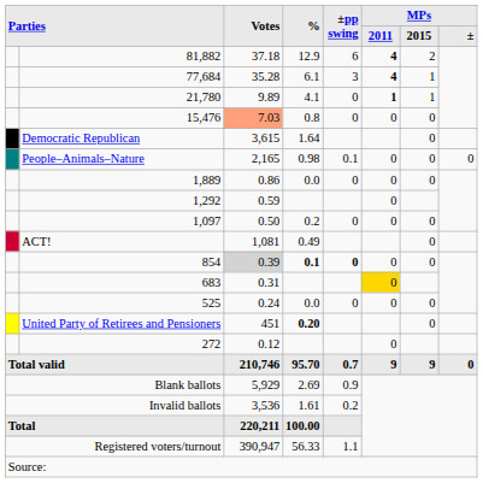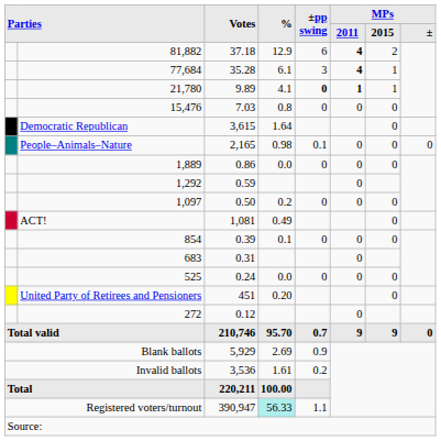 <table class="wikitable" style="text-align:right; font-size:95%;">
 <tr>
 <th rowspan="2" colspan="2" style="background:#e9e9e9; text-align:left;" alignleft><a href='#'>Parties</a></th>
 <th rowspan="2" style="background:#e9e9e9; text-align:right;">Votes</th>
 <th rowspan="2" style="background:#e9e9e9; text-align:right;">%</th>
 <th rowspan="2" style="background:#e9e9e9; text-align:right;">±<a href='#'>pp</a> <a href='#'>swing</a></th>
 <th colspan="3" style="background:#e9e9e9; text-align:center;"><a href='#'>MPs</a></th>
 </tr>
 <tr style="background-color:#E9E9E9">
 <th style="background-color:#E9E9E9;text-align:center;"><a href='#'>2011</a></th>
 <th style="background-color:#E9E9E9;text-align:center;">2015</th>
 <th style="background:#e9e9e9; text-align:right;">±</th>
 </tr>
 <tr>
 <td> </td>
 <td>81,882</td>
 <td>37.18</td>
 <td>12.9</td>
 <td>6</td>
 <td><strong>4</strong></td>
 <td>2</td>
 </tr>
 <tr>
 <td></td>
 <td>77,684</td>
 <td>35.28</td>
 <td>6.1</td>
 <td>3</td>
 <td><strong>4</strong></td>
 <td>1</td>
 </tr>
 <tr>
 <td></td>
 <td>21,780</td>
 <td>9.89</td>
 <td>4.1</td>
-<td>0</td>
+<td><strong>0</strong></td>
 <td><strong>1</strong></td>
 <td>1</td>
 </tr>
 <tr>
 <td></td>
 <td>15,476</td>
-<td style="background: lightsalmon;">7.03</td>
+<td>7.03</td>
 <td>0.8</td>
 <td>0</td>
 <td>0</td>
 <td>0</td>
 </tr>
 <tr>
 <td style="width: 10px" bgcolor=black align="center"></td>
 <td align=left><a href='#'>Democratic Republican</a></td>
 <td>3,615</td>
 <td>1.64</td>
 <td></td>
 <td></td>
 <td>0</td>
 <td></td>
 </tr>
 <tr>
 <td style="width: 10px" bgcolor="teal" align="center"></td>
 <td align="left"><a href='#'>People–Animals–Nature</a></td>
 <td>2,165</td>
 <td>0.98</td>
 <td>0.1</td>
 <td>0</td>
 <td>0</td>
 <td>0</td>
 </tr>
 <tr>
 <td></td>
 <td>1,889</td>
 <td>0.86</td>
 <td>0.0</td>
 <td>0</td>
 <td>0</td>
 <td>0</td>
 </tr>
 <tr>
 <td></td>
 <td>1,292</td>
 <td>0.59</td>
 <td></td>
 <td></td>
 <td>0</td>
 <td></td>
 </tr>
 <tr>
 <td></td>
 <td>1,097</td>
 <td>0.50</td>
 <td>0.2</td>
 <td>0</td>
 <td>0</td>
 <td>0</td>
 </tr>
 <tr>
 <td style="width:10px; background:#CC0033; text-align:center;"></td>
 <td style="text-align:left;">ACT! </td>
 <td>1,081</td>
 <td>0.49</td>
 <td></td>
 <td></td>
 <td>0</td>
 <td></td>
 </tr>
 <tr>
 <td></td>
 <td>854</td>
-<td style="background: lightgrey;">0.39</td>
-<td><strong>0.1</strong></td>
-<td><strong>0</strong></td>
+<td>0.39</td>
+<td>0.1</td>
+<td>0</td>
 <td>0</td>
 <td>0</td>
 </tr>
 <tr>
 <td></td>
 <td>683</td>
 <td>0.31</td>
 <td></td>
 <td></td>
-<td style="background: gold;">0</td>
+<td>0</td>
 <td></td>
 </tr>
 <tr>
 <td></td>
 <td>525</td>
 <td>0.24</td>
 <td>0.0</td>
 <td>0</td>
 <td>0</td>
 <td>0</td>
 </tr>
 <tr>
 <td style="width: 10px" bgcolor=yellow align="center"></td>
 <td align=left><a href='#'>United Party of Retirees and Pensioners</a></td>
 <td>451</td>
-<td><strong>0.20</strong></td>
+<td>0.20</td>
 <td></td>
 <td></td>
 <td>0</td>
 <td></td>
 </tr>
 <tr>
 <td></td>
 <td>272</td>
 <td>0.12</td>
 <td></td>
 <td></td>
 <td>0</td>
 <td></td>
 </tr>
 <tr>
 <td colspan=2 align=left style="background-color:#E9E9E9"><strong>Total valid</strong></td>
 <td width="65" align="right" style="background-color:#E9E9E9"><strong>210,746</strong></td>
 <td width="40" align="right" style="background-color:#E9E9E9"><strong>95.70</strong></td>
 <td width="40" align="right" style="background-color:#E9E9E9"><strong>0.7</strong></td>
 <td width="40" align="right" style="background-color:#E9E9E9"><strong>9</strong></td>
 <td width="40" align="right" style="background-color:#E9E9E9"><strong>9</strong></td>
 <td width="40" align="right" style="background-color:#E9E9E9"><strong>0</strong></td>
 </tr>
 <tr>
 <td colspan=2>Blank ballots</td>
 <td>5,929</td>
 <td>2.69</td>
 <td>0.9</td>
 <td colspan=4 rowspan=4></td>
 </tr>
 <tr>
 <td colspan=2>Invalid ballots</td>
 <td>3,536</td>
 <td>1.61</td>
 <td>0.2</td>
 </tr>
 <tr>
 <td colspan=2 width="259" align=left style="background-color:#E9E9E9"><strong>Total</strong></td>
 <td width="50" align="right" style="background-color:#E9E9E9"><strong>220,211</strong></td>
 <td width="40" align="right" style="background-color:#E9E9E9"><strong>100.00</strong></td>
 <td width="40" align="right" style="background-color:#E9E9E9"></td>
 </tr>
 <tr>
 <td colspan=2>Registered voters/turnout</td>
 <td>390,947</td>
-<td>56.33</td>
+<td style="background: paleturquoise;">56.33</td>
 <td>1.1</td>
 </tr>
 <tr>
 <td colspan=11 align=left>Source: </td>
 </tr>
 </table>
